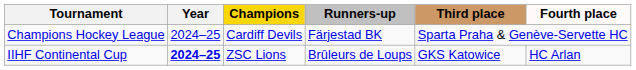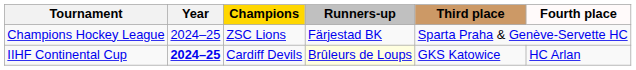 <table class="wikitable">
 <tr>
 <th>Tournament</th>
 <th>Year</th>
 <th style="background-color:gold;">Champions</th>
 <th style="background-color:silver;">Runners-up</th>
 <th style="background-color:#c96;">Third place</th>
 <th style="background-color:snow;">Fourth place</th>
 </tr>
 <tr>
 <td><a href='#'>Champions Hockey League</a></td>
 <td><a href='#'>2024–25</a></td>
-<td> <a href='#'>Cardiff Devils</a></td>
+<td> <a href='#'>ZSC Lions</a></td>
 <td> <a href='#'>Färjestad BK</a></td>
 <td colspan=2> <a href='#'>Sparta Praha</a> &  <a href='#'>Genève-Servette HC</a></td>
 </tr>
 <tr>
 <td><a href='#'>IIHF Continental Cup</a></td>
 <td><strong><a href='#'>2024–25</a></strong></td>
-<td> <a href='#'>ZSC Lions</a></td>
-<td> <a href='#'>Brûleurs de Loups</a></td>
+<td> <a href='#'>Cardiff Devils</a></td>
+<td style="background: lightyellow;"> <a href='#'>Brûleurs de Loups</a></td>
 <td> <a href='#'>GKS Katowice</a></td>
 <td> <a href='#'>HC Arlan</a></td>
 </tr>
 </table>
